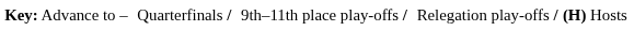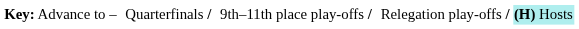 <table style="font-size: 85%;">
 <tr>
 <td height=5></td>
 </tr>
 <tr>
 <td><strong>Key:</strong> Advance to –</td>
 <td></td>
 <td>Quarterfinals <strong>/</strong></td>
 <td></td>
 <td>9th–11th place play-offs <strong>/</strong></td>
 <td></td>
 <td>Relegation play-offs <strong>/</strong></td>
-<td><strong>(H)</strong> Hosts</td>
+<td style="background: paleturquoise;"><strong>(H)</strong> Hosts</td>
 </tr>
 </table>
